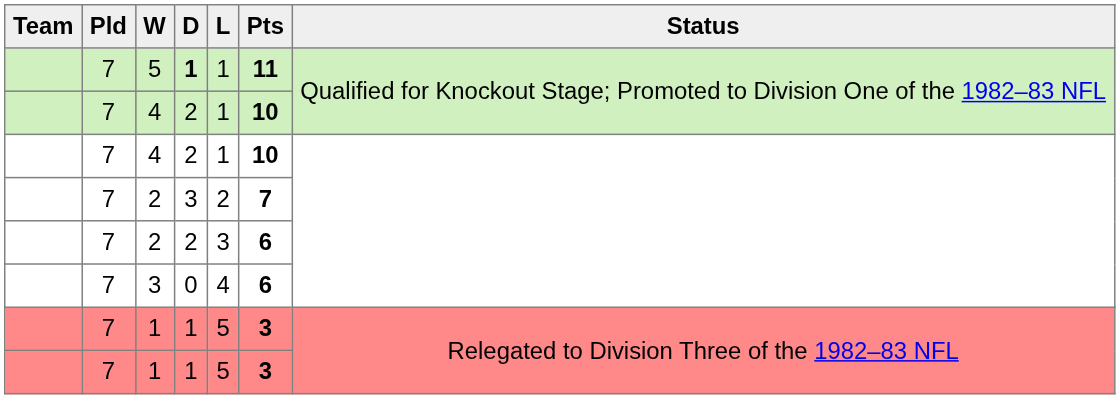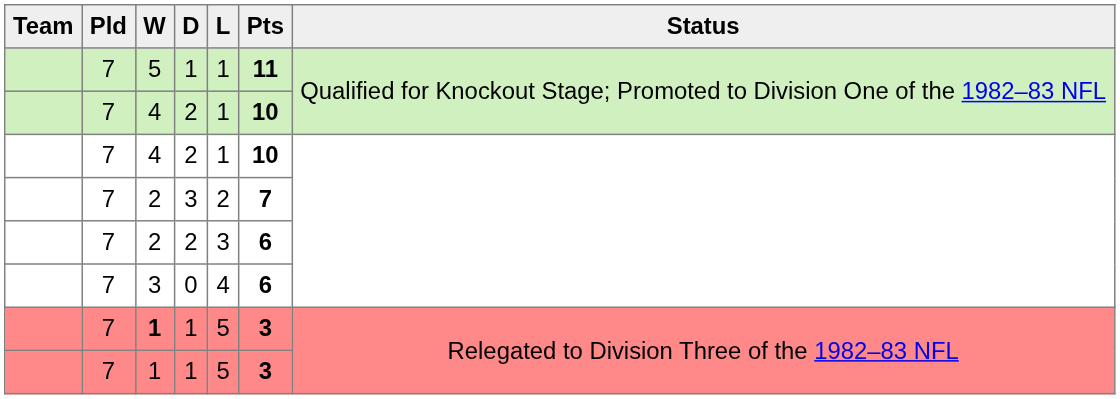 <table style=border-collapse:collapse border=1 cellspacing=0 cellpadding=5>
 <tr align=center bgcolor=#efefef>
 <th>Team</th>
 <th>Pld</th>
 <th>W</th>
 <th>D</th>
 <th>L</th>
 <th>Pts</th>
 <th>Status</th>
 </tr>
 <tr align=center style="background:#D0F0C0;">
 <td style="text-align:left;"> </td>
 <td>7</td>
 <td>5</td>
-<td><strong>1</strong></td>
+<td>1</td>
 <td>1</td>
 <td><strong>11</strong></td>
 <td rowspan=2>Qualified for Knockout Stage; Promoted to Division One of the <a href='#'>1982–83 NFL</a></td>
 </tr>
 <tr align=center style="background:#D0F0C0;">
 <td style="text-align:left;"> </td>
 <td>7</td>
 <td>4</td>
 <td>2</td>
 <td>1</td>
 <td><strong>10</strong></td>
 </tr>
 <tr align=center style="background:#FFFFFF;">
 <td style="text-align:left;"> </td>
 <td>7</td>
 <td>4</td>
 <td>2</td>
 <td>1</td>
 <td><strong>10</strong></td>
 <td rowspan=4></td>
 </tr>
 <tr align=center style="background:#FFFFFF;">
 <td style="text-align:left;"> </td>
 <td>7</td>
 <td>2</td>
 <td>3</td>
 <td>2</td>
 <td><strong>7</strong></td>
 </tr>
 <tr align=center style="background:#FFFFFF;">
 <td style="text-align:left;"> </td>
 <td>7</td>
 <td>2</td>
 <td>2</td>
 <td>3</td>
 <td><strong>6</strong></td>
 </tr>
 <tr align=center style="background:#FFFFFF;">
 <td style="text-align:left;"> </td>
 <td>7</td>
 <td>3</td>
 <td>0</td>
 <td>4</td>
 <td><strong>6</strong></td>
 </tr>
 <tr align=center style="background:#FF8888;">
 <td style="text-align:left;"> </td>
 <td>7</td>
-<td>1</td>
+<td><strong>1</strong></td>
 <td>1</td>
 <td>5</td>
 <td><strong>3</strong></td>
 <td rowspan=2>Relegated to Division Three of the <a href='#'>1982–83 NFL</a></td>
 </tr>
 <tr align=center style="background:#FF8888;">
 <td style="text-align:left;"> </td>
 <td>7</td>
 <td>1</td>
 <td>1</td>
 <td>5</td>
 <td><strong>3</strong></td>
 </tr>
 </table>
